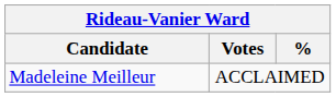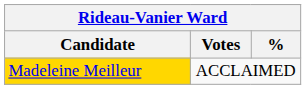 <table class="wikitable">
 <tr>
 <th colspan="3"><a href='#'>Rideau-Vanier Ward</a></th>
 </tr>
 <tr>
 <th style="width: 170px">Candidate</th>
 <th style="width: 50px">Votes</th>
 <th style="width: 40px">%</th>
 </tr>
 <tr>
-<td><a href='#'>Madeleine Meilleur</a></td>
+<td style="background: gold;"><a href='#'>Madeleine Meilleur</a></td>
 <td colspan="2" align="center">ACCLAIMED</td>
 </tr>
 </table>
